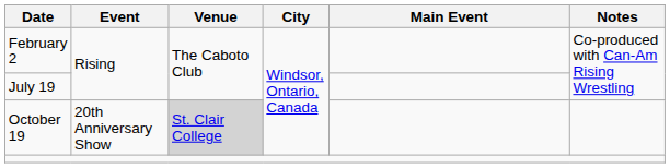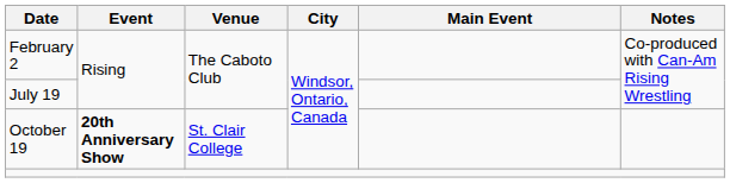 <table class="sortable wikitable succession-box" style="font-size:85%;">
 <tr>
 <th scope="col" style="width:5%;">Date</th>
 <th scope="col" style="width:15%;">Event</th>
 <th scope="col" style="width:15%;">Venue</th>
 <th scope="col" style="width:10%;">City</th>
 <th scope="col" style="width:40%;">Main Event</th>
 <th scope="col" style="width:70%;">Notes</th>
 </tr>
 <tr>
 <td>February 2</td>
 <td rowspan=2>Rising</td>
 <td rowspan=2>The Caboto Club</td>
 <td rowspan=3><a href='#'>Windsor, Ontario, Canada</a></td>
 <td></td>
 <td rowspan=2>Co-produced with <a href='#'>Can-Am Rising Wrestling</a></td>
 </tr>
 <tr>
 <td>July 19</td>
 <td></td>
 </tr>
 <tr>
 <td>October 19</td>
-<td>20th Anniversary Show</td>
-<td style="background: lightgrey;"><a href='#'>St. Clair College</a></td>
+<td><strong>20th Anniversary Show</strong></td>
+<td><a href='#'>St. Clair College</a></td>
 <td></td>
 </tr>
 <tr>
 <td colspan="6"></td>
 </tr>
 </table>
